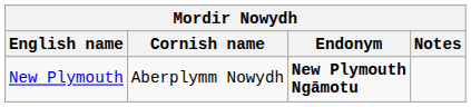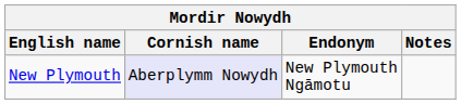 <table class="wikitable sortable">
 <tr>
 <th colspan="24"> Mordir Nowydh</th>
 </tr>
 <tr>
 <th>English name</th>
 <th>Cornish name</th>
 <th>Endonym</th>
 <th>Notes</th>
 </tr>
 <tr>
 <td><a href='#'>New Plymouth</a></td>
-<td>Aberplymm Nowydh</td>
-<td><strong>New Plymouth<br>Ngāmotu</strong></td>
+<td style="background: lavender;">Aberplymm Nowydh</td>
+<td>New Plymouth<br>Ngāmotu</td>
 <td></td>
 </tr>
 </table>
